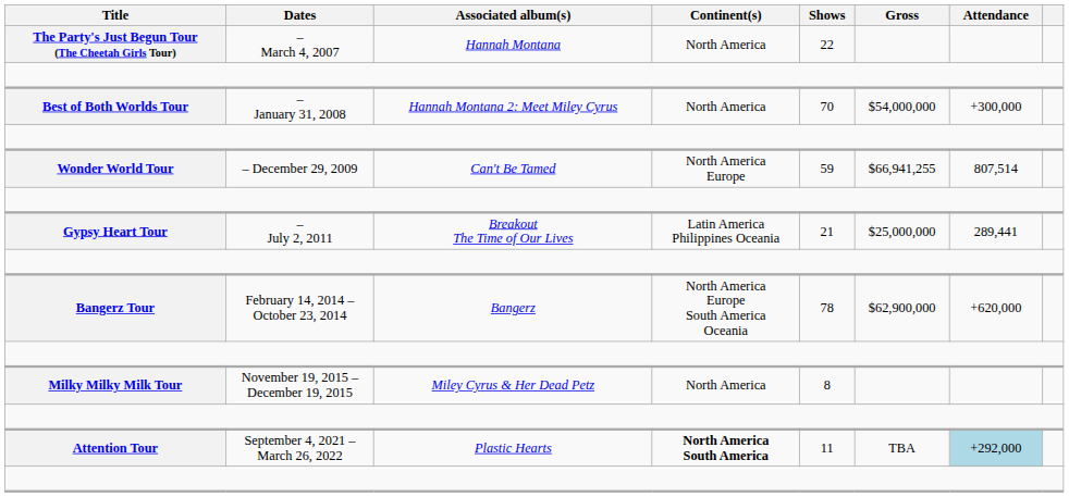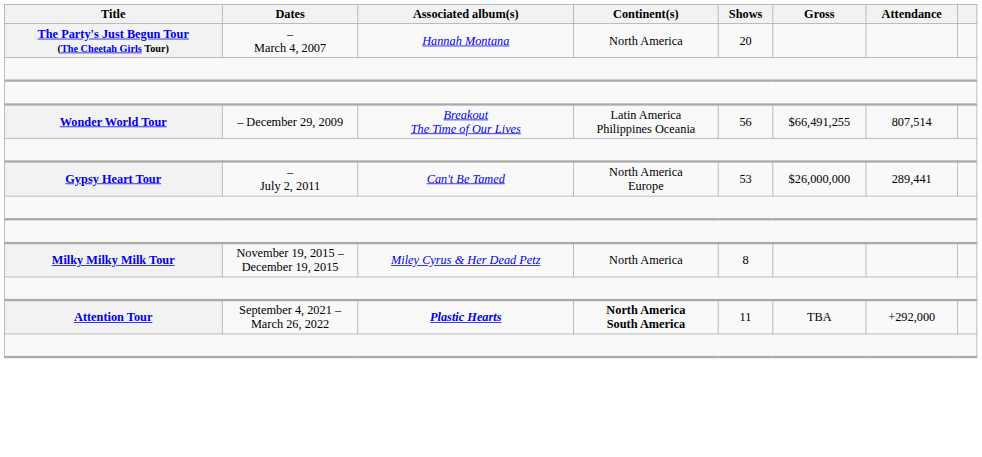 <table class="wikitable sortable plainrowheaders" style="text-align:center;" width="100%">
 <tr>
 <th scope="col">Title</th>
 <th scope="col" width="14%">Dates</th>
 <th scope="col">Associated album(s)</th>
 <th scope="col">Continent(s)</th>
 <th scope="col">Shows</th>
 <th scope="col">Gross</th>
 <th scope="col">Attendance</th>
 <th scope="col" width="2%" class="unsortable"></th>
 </tr>
 <tr>
 <th scope="row"><a href='#'>The Party's Just Begun Tour</a><br><small>(<a href='#'>The Cheetah Girls</a> Tour)</small></th>
 <td> –<br>March 4, 2007</td>
 <td><em><a href='#'>Hannah Montana</a></em></td>
 <td> North America</td>
-<td>22</td>
+<td>20</td>
 <td></td>
 <td></td>
 <td></td>
 </tr>
 <tr class="expand-child">
 <td colspan="8" style="border-bottom-width:3px; padding:5px;"><br></td>
 </tr>
-<tr>
-<th scope="row"><a href='#'>Best of Both Worlds Tour</a></th>
-<td> –<br>January 31, 2008</td>
-<td><em><a href='#'>Hannah Montana 2: Meet Miley Cyrus</a></em></td>
-<td> North America</td>
-<td>70</td>
-<td>$54,000,000</td>
-<td>+300,000</td>
-<td><br><br></td>
-</tr>
 <tr class="expand-child">
 <td colspan="8" style="border-bottom-width:3px; padding:5px;"><br></td>
 </tr>
 <tr>
 <th scope="row"><a href='#'>Wonder World Tour</a></th>
 <td> – December 29, 2009</td>
-<td><em><a href='#'>Can't Be Tamed</a></em></td>
-<td>North America<br>Europe</td>
-<td>59</td>
-<td>$66,941,255</td>
+<td><a href='#'><em>Breakout</em></a><br><a href='#'><em>The Time of Our Lives</em></a></td>
+<td>Latin America<br>Philippines Oceania</td>
+<td>56</td>
+<td>$66,491,255</td>
 <td>807,514</td>
 <td><br><br></td>
 </tr>
 <tr class="expand-child">
 <td colspan="8" style="border-bottom-width:3px; padding:5px;"><br></td>
 </tr>
 <tr>
 <th scope="row"><a href='#'>Gypsy Heart Tour</a></th>
 <td> –<br>July 2, 2011</td>
-<td><a href='#'><em>Breakout</em></a><br><a href='#'><em>The Time of Our Lives</em></a></td>
-<td>Latin America<br>Philippines Oceania</td>
-<td>21</td>
-<td>$25,000,000</td>
+<td><em><a href='#'>Can't Be Tamed</a></em></td>
+<td>North America<br>Europe</td>
+<td>53</td>
+<td>$26,000,000</td>
 <td>289,441</td>
 <td></td>
 </tr>
 <tr class="expand-child">
 <td colspan="8" style="border-bottom-width:3px; padding:5px;"><br></td>
-</tr>
-<tr>
-<th scope="row"><a href='#'>Bangerz Tour</a></th>
-<td>February 14, 2014 –<br>October 23, 2014</td>
-<td><em><a href='#'>Bangerz</a></em></td>
-<td>North America<br>Europe<br>South America<br>Oceania</td>
-<td>78</td>
-<td>$62,900,000</td>
-<td>+620,000</td>
-<td><br><br></td>
 </tr>
 <tr class="expand-child">
 <td colspan="8" style="border-bottom-width:3px; padding:5px;"><br></td>
 </tr>
 <tr>
 <th scope="row"><a href='#'>Milky Milky Milk Tour</a></th>
 <td>November 19, 2015 –<br>December 19, 2015</td>
 <td><em><a href='#'>Miley Cyrus & Her Dead Petz</a></em></td>
 <td> North America</td>
 <td>8</td>
 <td></td>
 <td></td>
 <td><br></td>
 </tr>
 <tr class="expand-child">
 <td colspan="8" style="border-bottom-width:3px; padding:5px;"><br></td>
 </tr>
 <tr>
 <th scope="row"><a href='#'>Attention Tour</a></th>
 <td>September 4, 2021 –<br>March 26, 2022</td>
-<td><em><a href='#'>Plastic Hearts</a></em></td>
+<td><strong><em><a href='#'>Plastic Hearts</a></em></strong></td>
 <td><strong> North America<br>South America</strong></td>
 <td>11</td>
 <td>TBA</td>
-<td style="background: lightblue;">+292,000</td>
+<td>+292,000</td>
 <td></td>
 </tr>
 <tr class="expand-child">
 <td colspan="8" style="border-bottom-width:3px; padding:5px;"><br></td>
 </tr>
 </table>
